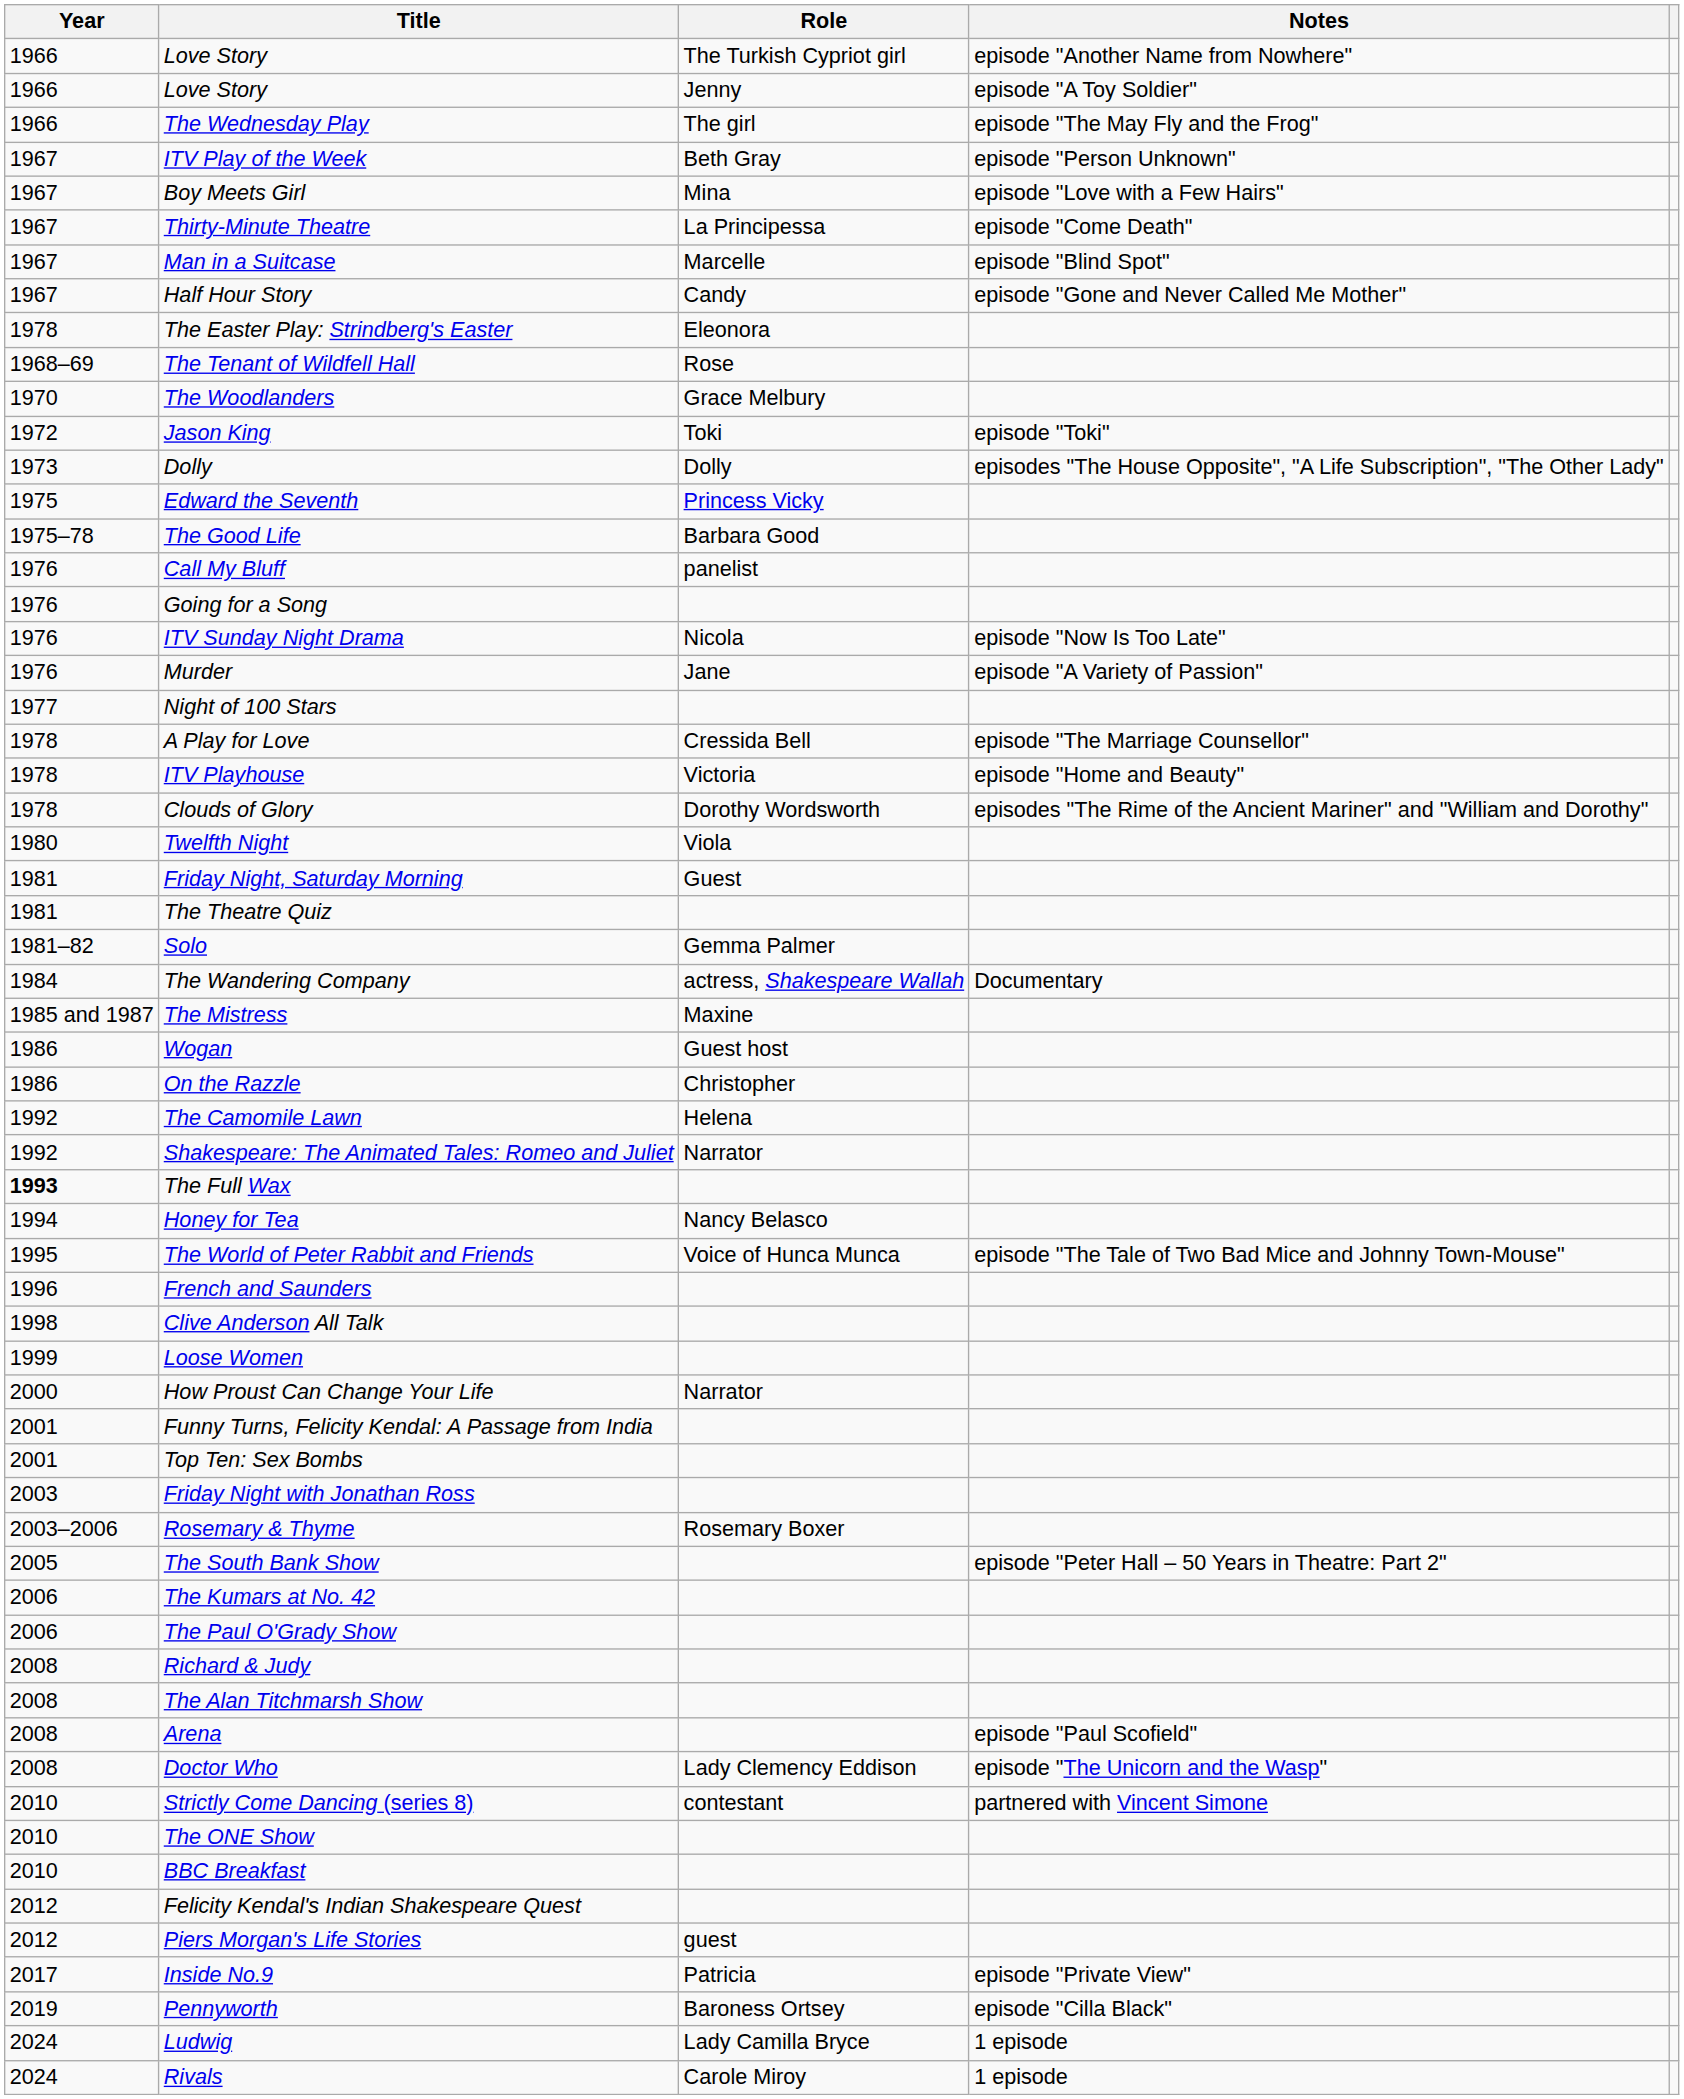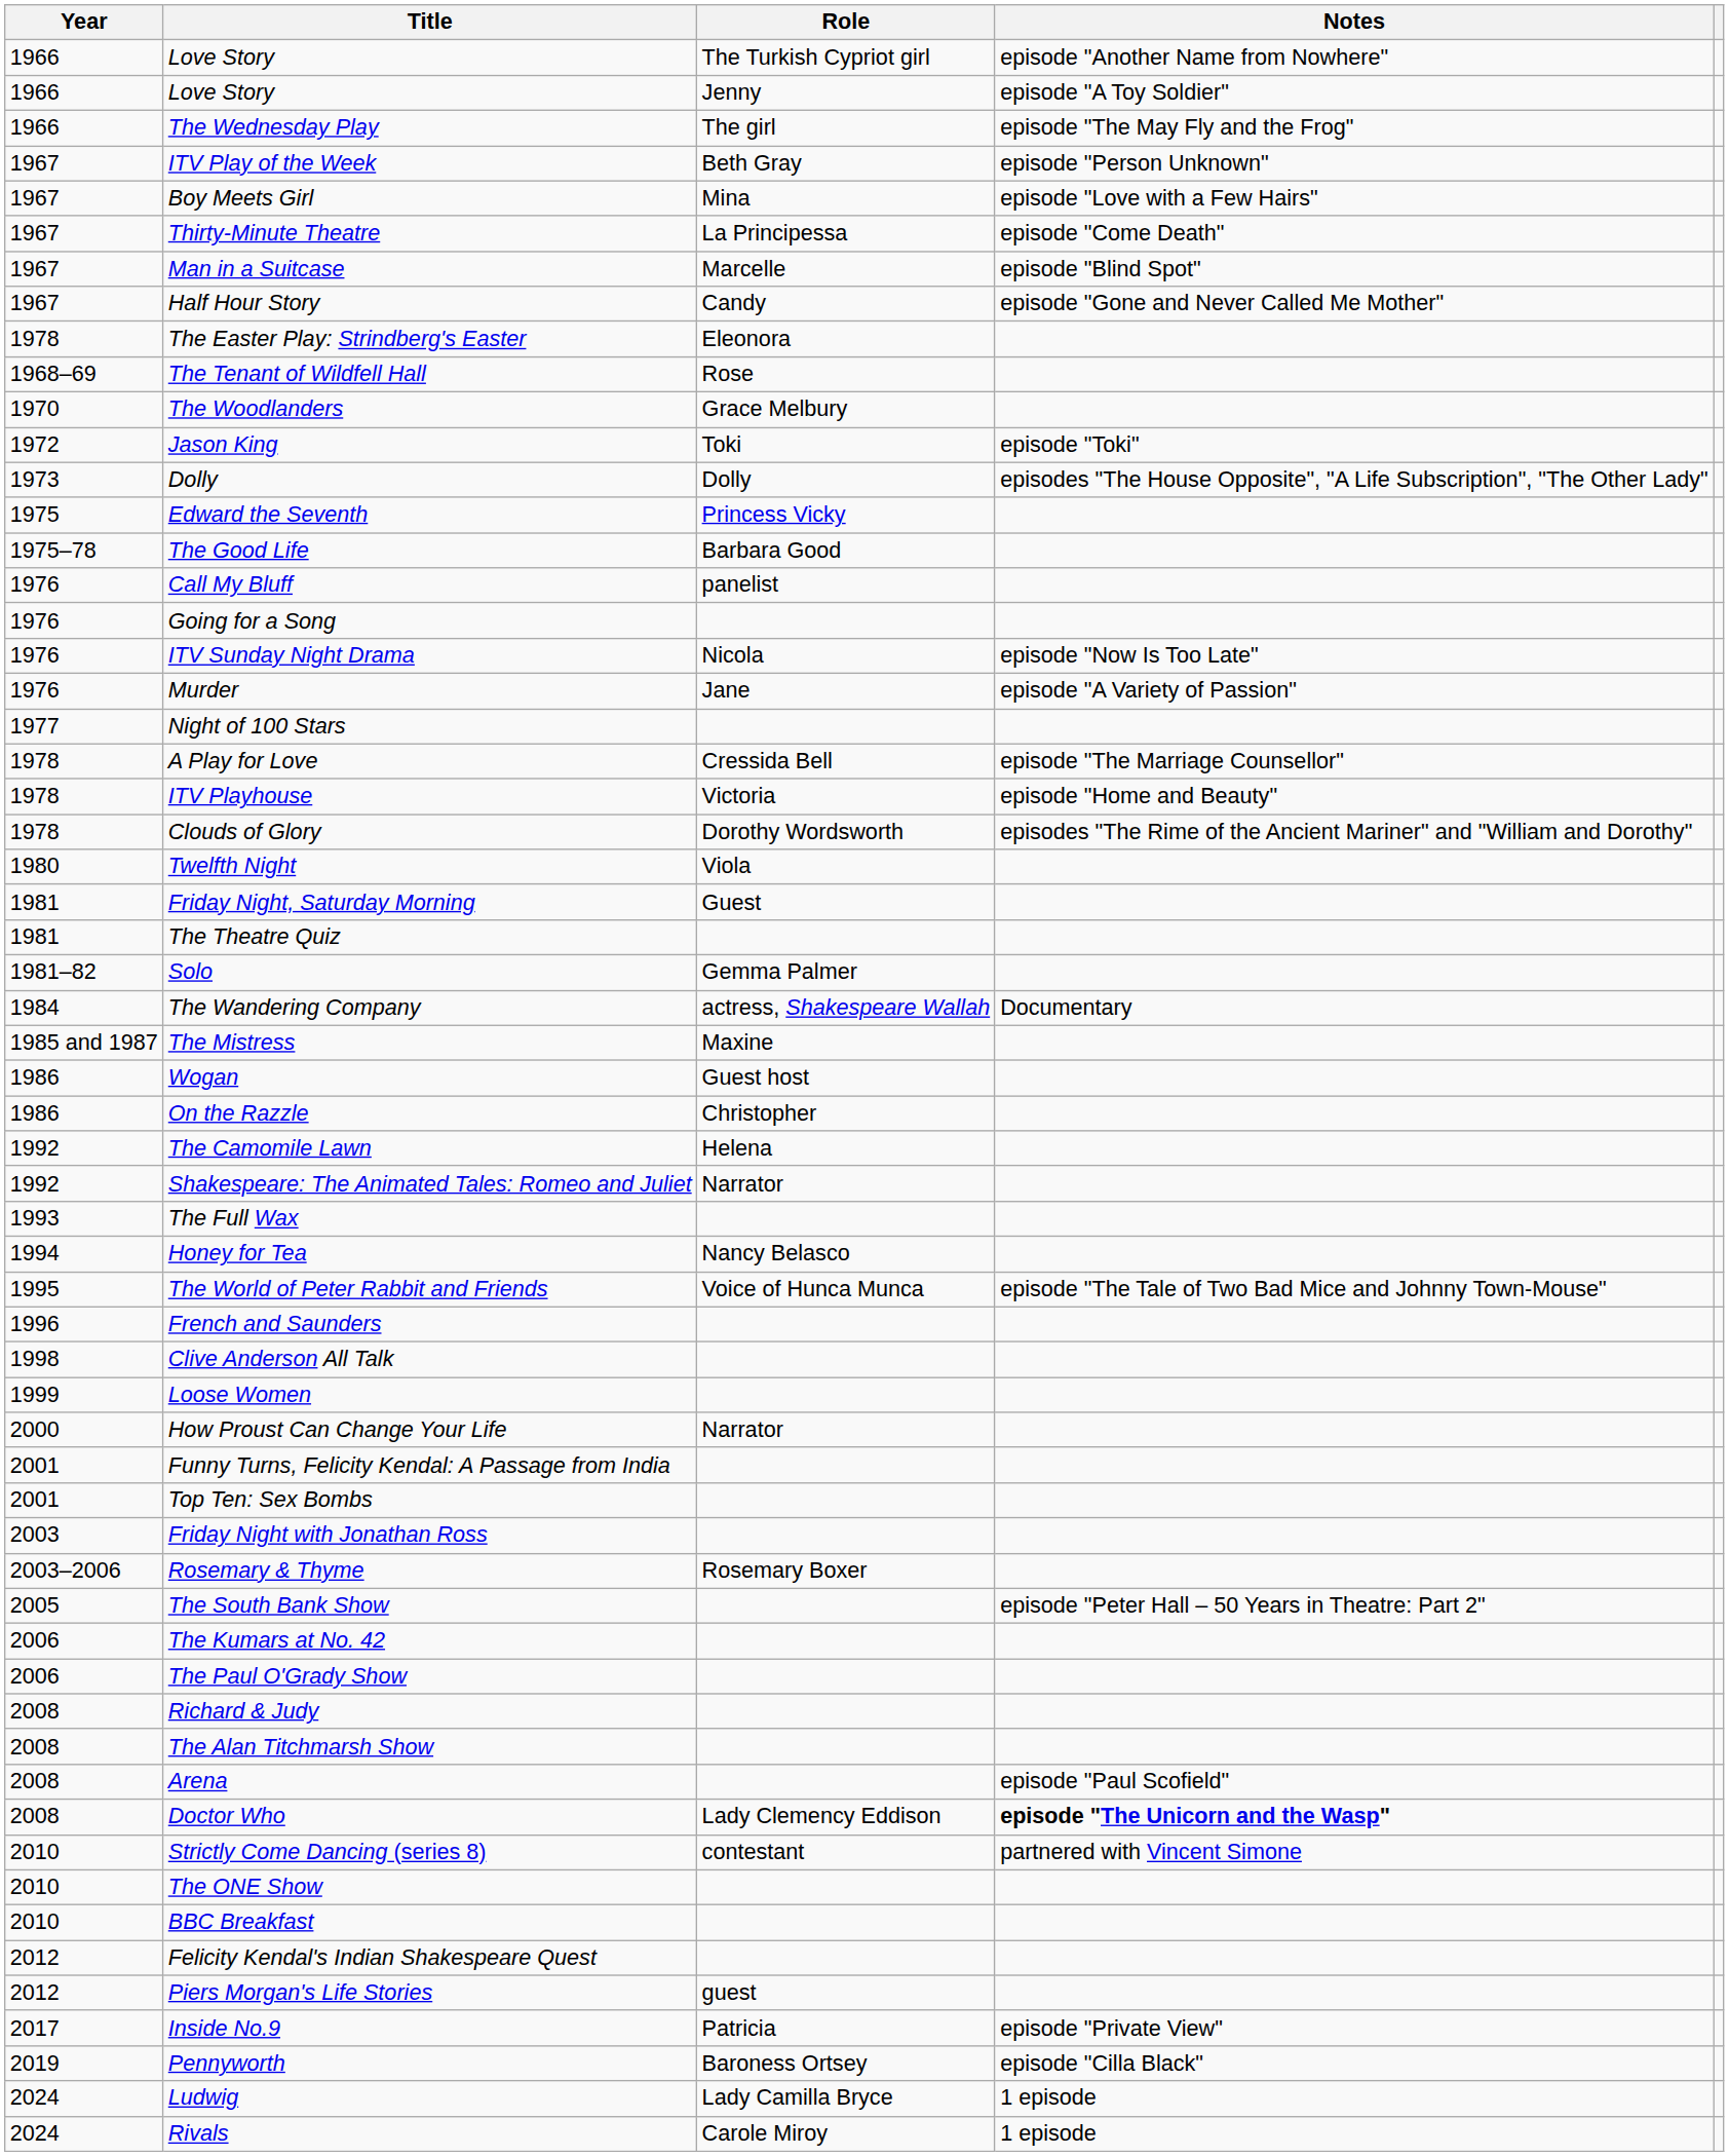 <table class="wikitable sortable">
 <tr>
 <th scope="col">Year</th>
 <th scope="col">Title</th>
 <th scope="col">Role</th>
 <th scope="col" class="unsortable">Notes</th>
 <th scope="col" class="unsortable"></th>
 </tr>
 <tr>
 <td>1966</td>
 <td><em>Love Story</em></td>
 <td>The Turkish Cypriot girl</td>
 <td>episode "Another Name from Nowhere"</td>
 <td></td>
 </tr>
 <tr>
 <td>1966</td>
 <td><em>Love Story</em></td>
 <td>Jenny</td>
 <td>episode "A Toy Soldier"</td>
 <td></td>
 </tr>
 <tr>
 <td>1966</td>
 <td><em><a href='#'>The Wednesday Play</a></em></td>
 <td>The girl</td>
 <td>episode "The May Fly and the Frog"</td>
 <td></td>
 </tr>
 <tr>
 <td>1967</td>
 <td><em><a href='#'>ITV Play of the Week</a></em></td>
 <td>Beth Gray</td>
 <td>episode "Person Unknown"</td>
 <td></td>
 </tr>
 <tr>
 <td>1967</td>
 <td><em>Boy Meets Girl</em></td>
 <td>Mina</td>
 <td>episode "Love with a Few Hairs"</td>
 <td></td>
 </tr>
 <tr>
 <td>1967</td>
 <td><em><a href='#'>Thirty-Minute Theatre</a></em></td>
 <td>La Principessa</td>
 <td>episode "Come Death"</td>
 <td></td>
 </tr>
 <tr>
 <td>1967</td>
 <td><em><a href='#'>Man in a Suitcase</a></em></td>
 <td>Marcelle</td>
 <td>episode "Blind Spot"</td>
 <td></td>
 </tr>
 <tr>
 <td>1967</td>
 <td><em>Half Hour Story</em></td>
 <td>Candy</td>
 <td>episode "Gone and Never Called Me Mother"</td>
 <td></td>
 </tr>
 <tr>
 <td>1978</td>
 <td><em>The Easter Play: <a href='#'>Strindberg's Easter</a></em></td>
 <td>Eleonora</td>
 <td></td>
 <td></td>
 </tr>
 <tr>
 <td>1968–69</td>
 <td><em><a href='#'>The Tenant of Wildfell Hall</a></em></td>
 <td>Rose</td>
 <td></td>
 <td></td>
 </tr>
 <tr>
 <td>1970</td>
 <td><em><a href='#'>The Woodlanders</a></em></td>
 <td>Grace Melbury</td>
 <td></td>
 <td></td>
 </tr>
 <tr>
 <td>1972</td>
 <td><em><a href='#'>Jason King</a></em></td>
 <td>Toki</td>
 <td>episode "Toki"</td>
 <td></td>
 </tr>
 <tr>
 <td>1973</td>
 <td><em>Dolly</em></td>
 <td>Dolly</td>
 <td>episodes "The House Opposite", "A Life Subscription", "The Other Lady"</td>
 <td></td>
 </tr>
 <tr>
 <td>1975</td>
 <td><em><a href='#'>Edward the Seventh</a></em></td>
 <td><a href='#'>Princess Vicky</a></td>
 <td></td>
 <td></td>
 </tr>
 <tr>
 <td>1975–78</td>
 <td><em><a href='#'>The Good Life</a></em></td>
 <td>Barbara Good</td>
 <td></td>
 <td></td>
 </tr>
 <tr>
 <td>1976</td>
 <td><em><a href='#'>Call My Bluff</a></em></td>
 <td>panelist</td>
 <td></td>
 <td></td>
 </tr>
 <tr>
 <td>1976</td>
 <td><em>Going for a Song</em></td>
 <td></td>
 <td></td>
 <td></td>
 </tr>
 <tr>
 <td>1976</td>
 <td><em><a href='#'>ITV Sunday Night Drama</a></em></td>
 <td>Nicola</td>
 <td>episode "Now Is Too Late"</td>
 <td></td>
 </tr>
 <tr>
 <td>1976</td>
 <td><em>Murder</em></td>
 <td>Jane</td>
 <td>episode "A Variety of Passion"</td>
 <td></td>
 </tr>
 <tr>
 <td>1977</td>
 <td><em>Night of 100 Stars</em></td>
 <td></td>
 <td></td>
 <td></td>
 </tr>
 <tr>
 <td>1978</td>
 <td><em>A Play for Love</em></td>
 <td>Cressida Bell</td>
 <td>episode "The Marriage Counsellor"</td>
 <td></td>
 </tr>
 <tr>
 <td>1978</td>
 <td><em><a href='#'>ITV Playhouse</a></em></td>
 <td>Victoria</td>
 <td>episode "Home and Beauty"</td>
 <td></td>
 </tr>
 <tr>
 <td>1978</td>
 <td><em>Clouds of Glory</em></td>
 <td>Dorothy Wordsworth</td>
 <td>episodes "The Rime of the Ancient Mariner" and "William and Dorothy"</td>
 <td></td>
 </tr>
 <tr>
 <td>1980</td>
 <td><em><a href='#'>Twelfth Night</a></em></td>
 <td>Viola</td>
 <td></td>
 <td></td>
 </tr>
 <tr>
 <td>1981</td>
 <td><em><a href='#'>Friday Night, Saturday Morning</a></em></td>
 <td>Guest</td>
 <td></td>
 <td></td>
 </tr>
 <tr>
 <td>1981</td>
 <td><em>The Theatre Quiz</em></td>
 <td></td>
 <td></td>
 <td></td>
 </tr>
 <tr>
 <td>1981–82</td>
 <td><em><a href='#'>Solo</a></em></td>
 <td>Gemma Palmer</td>
 <td></td>
 <td></td>
 </tr>
 <tr>
 <td>1984</td>
 <td><em>The Wandering Company</em></td>
 <td>actress, <em><a href='#'>Shakespeare Wallah</a></em></td>
 <td>Documentary</td>
 <td></td>
 </tr>
 <tr>
 <td>1985 and 1987</td>
 <td><em><a href='#'>The Mistress</a></em></td>
 <td>Maxine</td>
 <td></td>
 <td></td>
 </tr>
 <tr>
 <td>1986</td>
 <td><em><a href='#'>Wogan</a></em></td>
 <td>Guest host</td>
 <td></td>
 <td></td>
 </tr>
 <tr>
 <td>1986</td>
 <td><em><a href='#'>On the Razzle</a></em></td>
 <td>Christopher</td>
 <td></td>
 <td></td>
 </tr>
 <tr>
 <td>1992</td>
 <td><em><a href='#'>The Camomile Lawn</a></em></td>
 <td>Helena</td>
 <td></td>
 <td></td>
 </tr>
 <tr>
 <td>1992</td>
 <td><em><a href='#'>Shakespeare: The Animated Tales: Romeo and Juliet</a></em></td>
 <td>Narrator</td>
 <td></td>
 <td></td>
 </tr>
 <tr>
-<td><strong>1993</strong></td>
+<td>1993</td>
 <td><em>The Full <a href='#'>Wax</a></em></td>
 <td></td>
 <td></td>
 <td></td>
 </tr>
 <tr>
 <td>1994</td>
 <td><em><a href='#'>Honey for Tea</a></em></td>
 <td>Nancy Belasco</td>
 <td></td>
 <td></td>
 </tr>
 <tr>
 <td>1995</td>
 <td><em><a href='#'>The World of Peter Rabbit and Friends</a></em></td>
 <td>Voice of Hunca Munca</td>
 <td>episode "The Tale of Two Bad Mice and Johnny Town-Mouse"</td>
 <td></td>
 </tr>
 <tr>
 <td>1996</td>
 <td><em><a href='#'>French and Saunders</a></em></td>
 <td></td>
 <td></td>
 <td></td>
 </tr>
 <tr>
 <td>1998</td>
 <td><em><a href='#'>Clive Anderson</a> All Talk</em></td>
 <td></td>
 <td></td>
 <td></td>
 </tr>
 <tr>
 <td>1999</td>
 <td><em><a href='#'>Loose Women</a></em></td>
 <td></td>
 <td></td>
 <td></td>
 </tr>
 <tr>
 <td>2000</td>
 <td><em>How Proust Can Change Your Life</em></td>
 <td>Narrator</td>
 <td></td>
 <td></td>
 </tr>
 <tr>
 <td>2001</td>
 <td><em>Funny Turns, Felicity Kendal: A Passage from India</em></td>
 <td></td>
 <td></td>
 <td></td>
 </tr>
 <tr>
 <td>2001</td>
 <td><em>Top Ten: Sex Bombs</em></td>
 <td></td>
 <td></td>
 <td></td>
 </tr>
 <tr>
 <td>2003</td>
 <td><em><a href='#'>Friday Night with Jonathan Ross</a></em></td>
 <td></td>
 <td></td>
 <td></td>
 </tr>
 <tr>
 <td>2003–2006</td>
 <td><em><a href='#'>Rosemary & Thyme</a></em></td>
 <td>Rosemary Boxer</td>
 <td></td>
 <td></td>
 </tr>
 <tr>
 <td>2005</td>
 <td><em><a href='#'>The South Bank Show</a></em></td>
 <td></td>
 <td>episode "Peter Hall – 50 Years in Theatre: Part 2"</td>
 <td></td>
 </tr>
 <tr>
 <td>2006</td>
 <td><em><a href='#'>The Kumars at No. 42</a></em></td>
 <td></td>
 <td></td>
 <td></td>
 </tr>
 <tr>
 <td>2006</td>
 <td><em><a href='#'>The Paul O'Grady Show</a></em></td>
 <td></td>
 <td></td>
 <td></td>
 </tr>
 <tr>
 <td>2008</td>
 <td><em><a href='#'>Richard & Judy</a></em></td>
 <td></td>
 <td></td>
 <td></td>
 </tr>
 <tr>
 <td>2008</td>
 <td><em><a href='#'>The Alan Titchmarsh Show</a></em></td>
 <td></td>
 <td></td>
 <td></td>
 </tr>
 <tr>
 <td>2008</td>
 <td><em><a href='#'>Arena</a></em></td>
 <td></td>
 <td>episode "Paul Scofield"</td>
 <td></td>
 </tr>
 <tr>
 <td>2008</td>
 <td><em><a href='#'>Doctor Who</a></em></td>
 <td>Lady Clemency Eddison</td>
-<td>episode "<a href='#'>The Unicorn and the Wasp</a>"</td>
+<td><strong>episode "<a href='#'>The Unicorn and the Wasp</a>"</strong></td>
 <td></td>
 </tr>
 <tr>
 <td>2010</td>
 <td><a href='#'><em>Strictly Come Dancing</em> (series 8)</a></td>
 <td>contestant</td>
 <td>partnered with <a href='#'>Vincent Simone</a></td>
 <td></td>
 </tr>
 <tr>
 <td>2010</td>
 <td><em><a href='#'>The ONE Show</a></em></td>
 <td></td>
 <td></td>
 <td></td>
 </tr>
 <tr>
 <td>2010</td>
 <td><em><a href='#'>BBC Breakfast</a></em></td>
 <td></td>
 <td></td>
 <td></td>
 </tr>
 <tr>
 <td>2012</td>
 <td><em>Felicity Kendal's Indian Shakespeare Quest</em></td>
 <td></td>
 <td></td>
 <td></td>
 </tr>
 <tr>
 <td>2012</td>
 <td><em><a href='#'>Piers Morgan's Life Stories</a></em></td>
 <td>guest</td>
 <td></td>
 <td></td>
 </tr>
 <tr>
 <td>2017</td>
 <td><em><a href='#'>Inside No.9</a></em></td>
 <td>Patricia</td>
 <td>episode "Private View"</td>
 <td></td>
 </tr>
 <tr>
 <td>2019</td>
 <td><em><a href='#'>Pennyworth</a></em></td>
 <td>Baroness Ortsey</td>
 <td>episode "Cilla Black"</td>
 <td></td>
 </tr>
 <tr>
 <td>2024</td>
 <td><em><a href='#'>Ludwig</a></em></td>
 <td>Lady Camilla Bryce</td>
 <td>1 episode</td>
 <td></td>
 </tr>
 <tr>
 <td>2024</td>
 <td><em><a href='#'>Rivals</a></em></td>
 <td>Carole Miroy</td>
 <td>1 episode</td>
 <td></td>
 </tr>
 </table>
